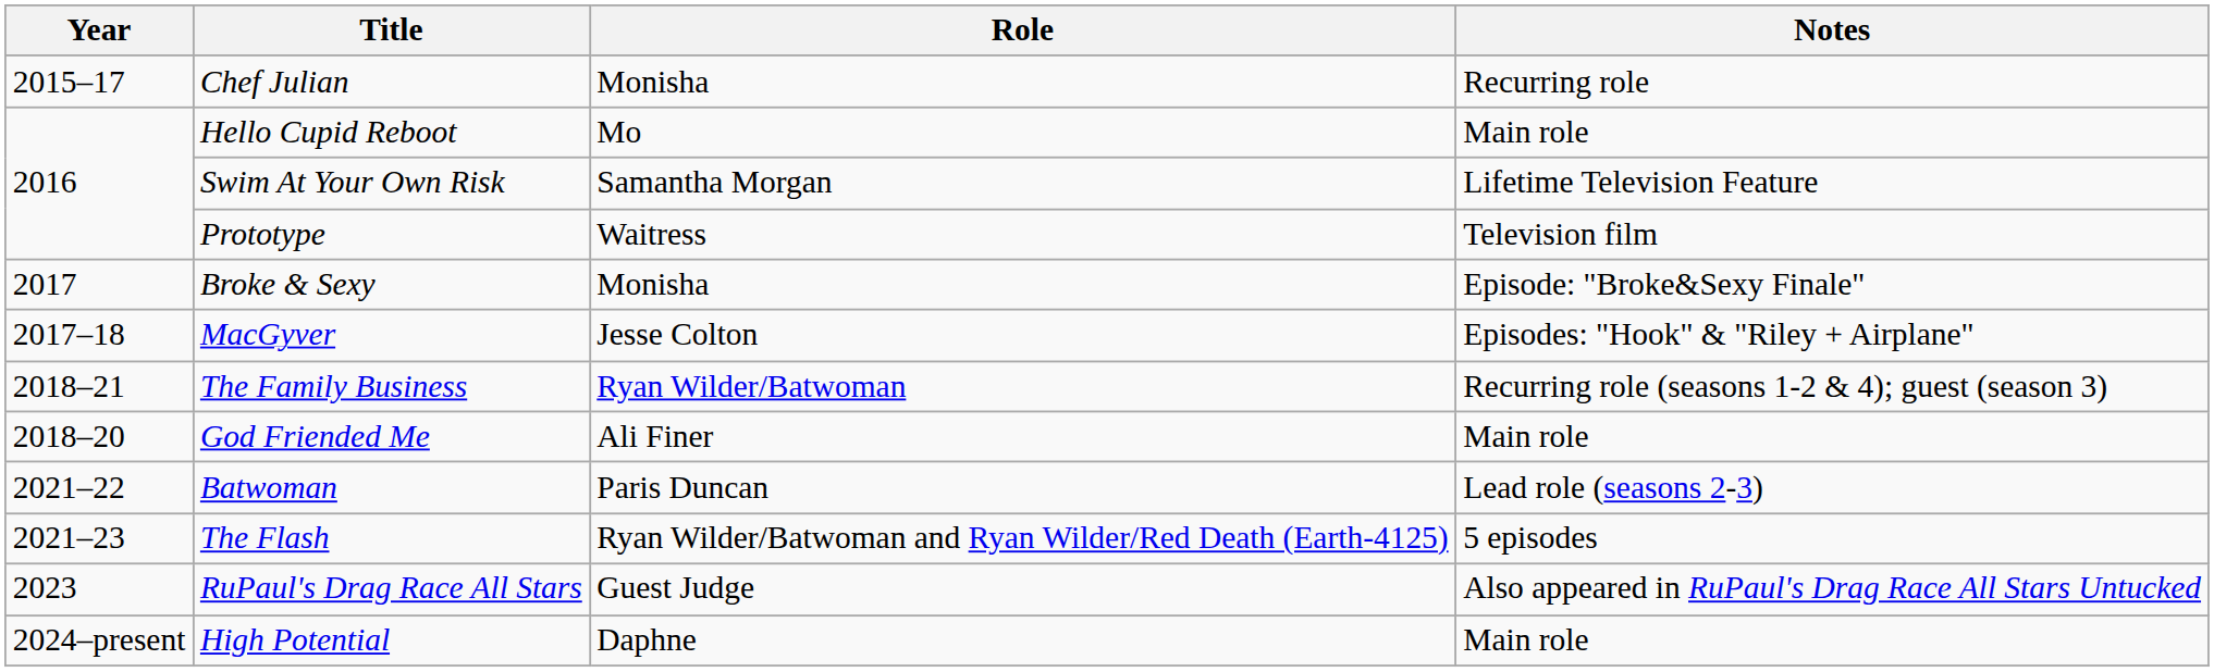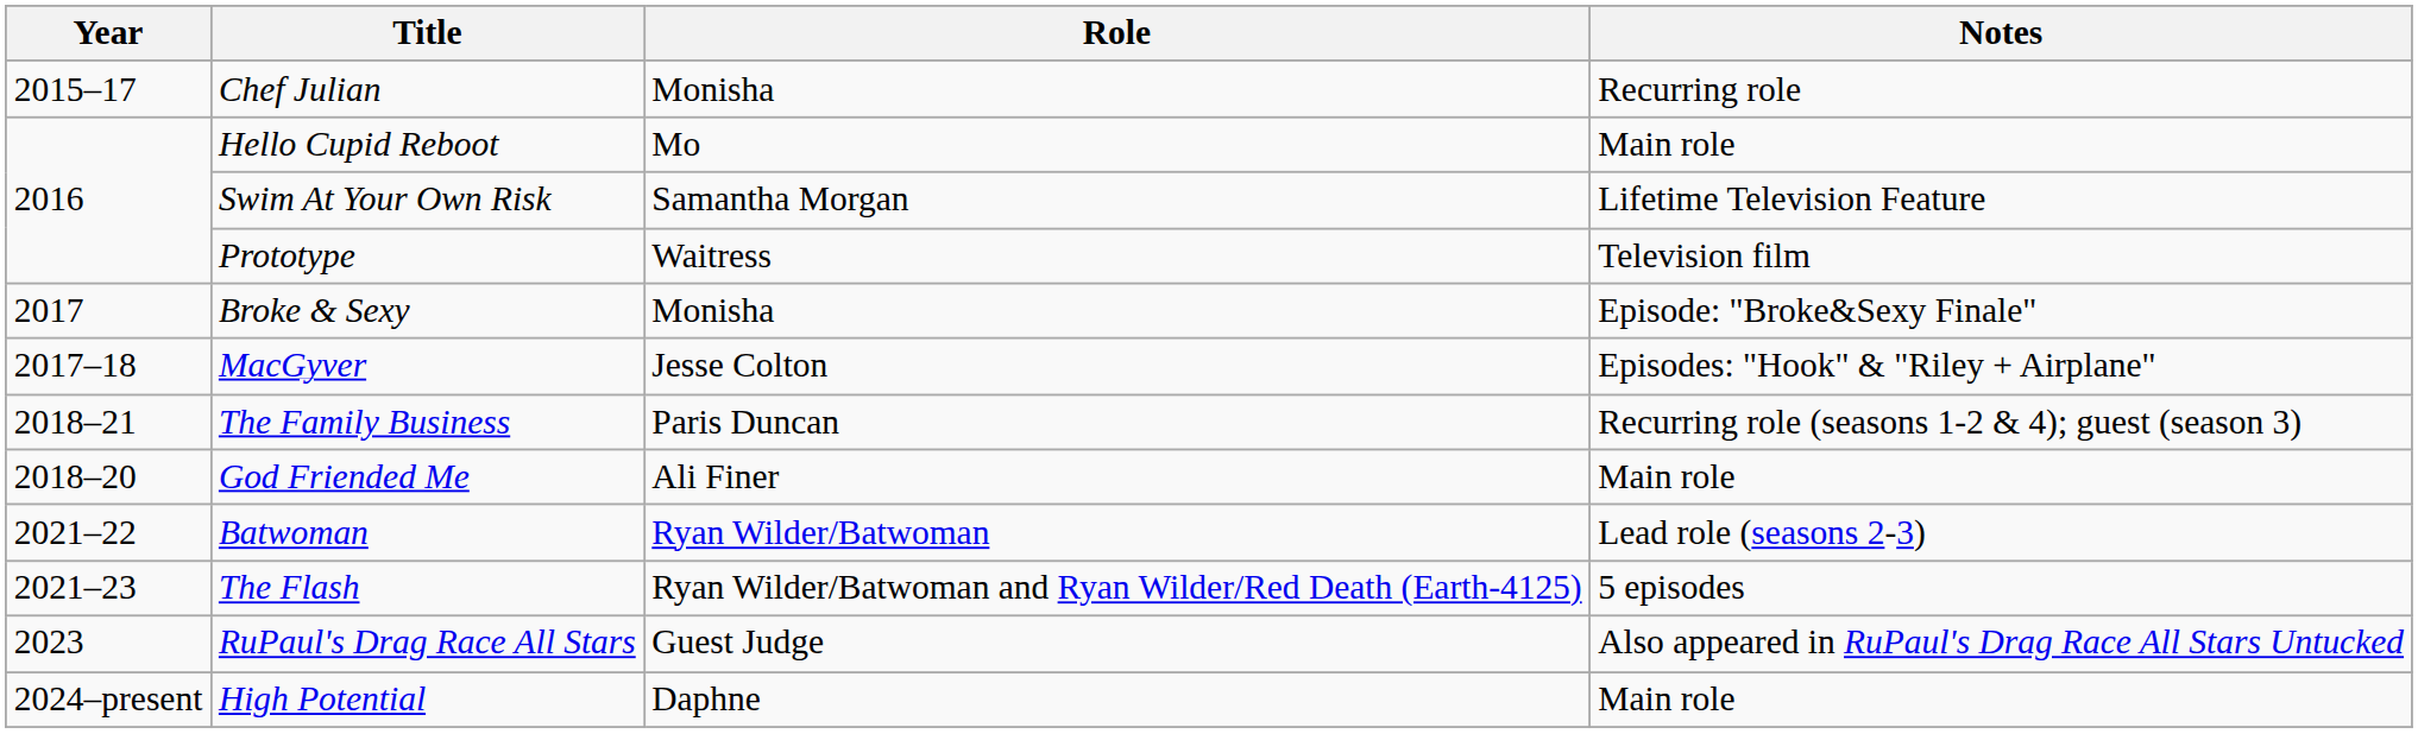 <table class="wikitable sortable">
 <tr>
 <th>Year</th>
 <th>Title</th>
 <th>Role</th>
 <th class="unsortable">Notes</th>
 </tr>
 <tr>
 <td>2015–17</td>
 <td><em>Chef Julian</em></td>
 <td>Monisha</td>
 <td>Recurring role</td>
 </tr>
 <tr>
 <td rowspan="3">2016</td>
 <td><em>Hello Cupid Reboot</em></td>
 <td>Mo</td>
 <td>Main role</td>
 </tr>
 <tr>
 <td><em>Swim At Your Own Risk</em></td>
 <td>Samantha Morgan</td>
 <td>Lifetime Television Feature</td>
 </tr>
 <tr>
 <td><em>Prototype</em></td>
 <td>Waitress</td>
 <td>Television film</td>
 </tr>
 <tr>
 <td>2017</td>
 <td><em>Broke & Sexy</em></td>
 <td>Monisha</td>
 <td>Episode: "Broke&Sexy Finale"</td>
 </tr>
 <tr>
 <td>2017–18</td>
 <td><em><a href='#'>MacGyver</a></em></td>
 <td>Jesse Colton</td>
 <td>Episodes: "Hook" & "Riley + Airplane"</td>
 </tr>
 <tr>
 <td>2018–21</td>
 <td><em><a href='#'>The Family Business</a></em></td>
-<td><a href='#'>Ryan Wilder/Batwoman</a></td>
+<td>Paris Duncan</td>
 <td>Recurring role (seasons 1-2 & 4); guest (season 3)</td>
 </tr>
 <tr>
 <td>2018–20</td>
 <td><em><a href='#'>God Friended Me</a></em></td>
 <td>Ali Finer</td>
 <td>Main role</td>
 </tr>
 <tr>
 <td>2021–22</td>
 <td><em><a href='#'>Batwoman</a></em></td>
-<td>Paris Duncan</td>
+<td><a href='#'>Ryan Wilder/Batwoman</a></td>
 <td>Lead role (<a href='#'>seasons 2</a>-<a href='#'>3</a>)</td>
 </tr>
 <tr>
 <td>2021–23</td>
 <td><em><a href='#'>The Flash</a></em></td>
 <td>Ryan Wilder/Batwoman and <a href='#'>Ryan Wilder/Red Death (Earth-4125)</a></td>
 <td>5 episodes</td>
 </tr>
 <tr>
 <td>2023</td>
 <td><em><a href='#'>RuPaul's Drag Race All Stars</a></em></td>
 <td>Guest Judge</td>
 <td>Also appeared in <em><a href='#'>RuPaul's Drag Race All Stars Untucked</a></em></td>
 </tr>
 <tr>
 <td>2024–present</td>
 <td><em><a href='#'>High Potential</a></em></td>
 <td>Daphne</td>
 <td>Main role</td>
 </tr>
 </table>
